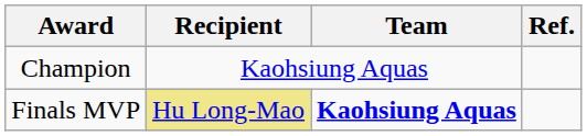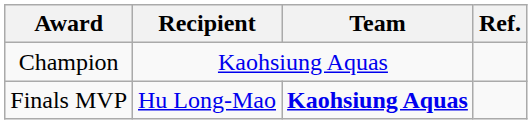 <table class="wikitable" style="text-align:center">
 <tr>
 <th>Award</th>
 <th>Recipient</th>
 <th>Team</th>
 <th>Ref.</th>
 </tr>
 <tr>
 <td>Champion</td>
 <td colspan=2><a href='#'>Kaohsiung Aquas</a></td>
 <td></td>
 </tr>
 <tr>
 <td>Finals MVP</td>
-<td style="background: khaki;"><a href='#'>Hu Long-Mao</a></td>
+<td><a href='#'>Hu Long-Mao</a></td>
 <td><strong><a href='#'>Kaohsiung Aquas</a></strong></td>
 <td></td>
 </tr>
 </table>
